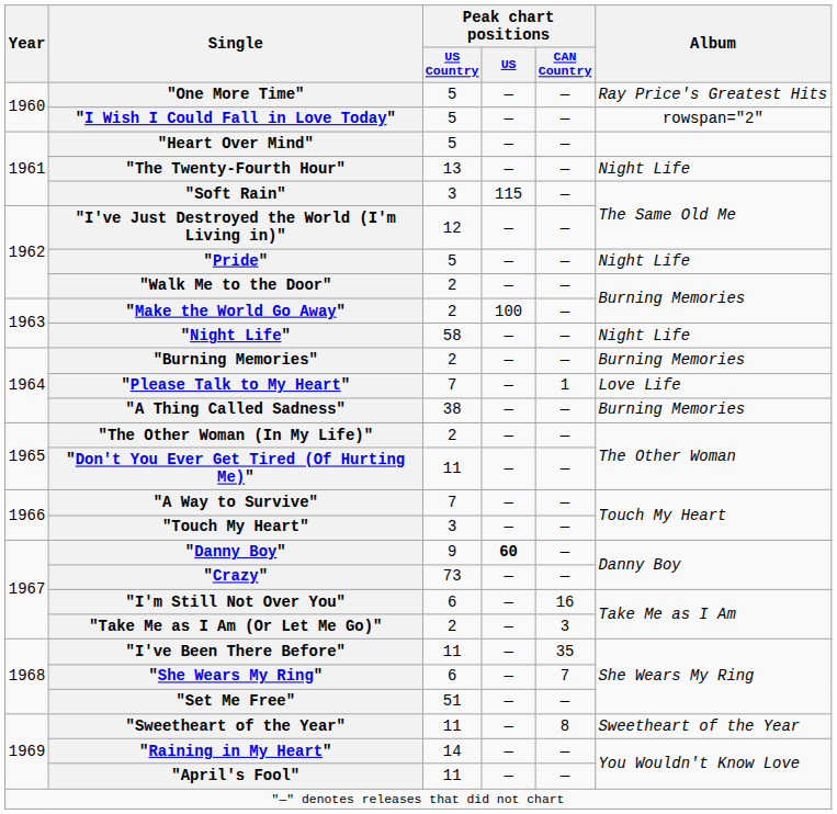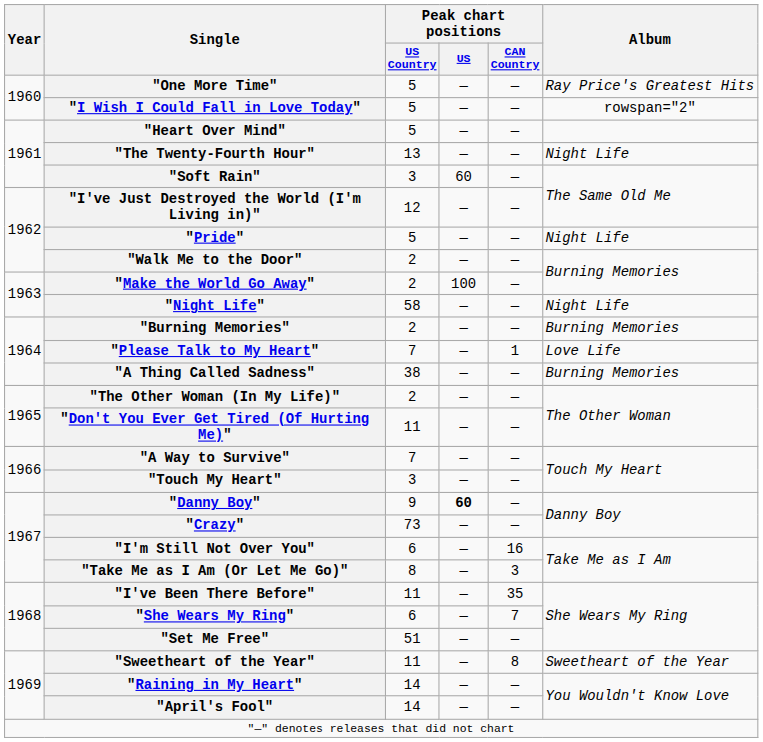 <table class="wikitable plainrowheaders" style="text-align:center;">
 <tr>
 <th rowspan="2">Year</th>
 <th rowspan="2" style="width:24em;">Single</th>
 <th colspan="3">Peak chart positions</th>
 <th rowspan="2">Album</th>
 </tr>
 <tr style="font-size:smaller;">
 <th width="40"><a href='#'>US Country</a><br></th>
 <th width="40"><a href='#'>US</a><br></th>
 <th width="40"><a href='#'>CAN Country</a><br></th>
 </tr>
 <tr>
 <td rowspan="2">1960</td>
 <th scope="row">"One More Time"</th>
 <td>5</td>
 <td>—</td>
 <td>—</td>
 <td align="left"><em>Ray Price's Greatest Hits</em></td>
 </tr>
 <tr>
 <th scope="row">"<a href='#'>I Wish I Could Fall in Love Today</a>"</th>
 <td>5</td>
 <td>—</td>
 <td>—</td>
 <td>rowspan="2" </td>
 </tr>
 <tr>
 <td rowspan="3">1961</td>
 <th scope="row">"Heart Over Mind"</th>
 <td>5</td>
 <td>—</td>
 <td>—</td>
 </tr>
 <tr>
 <th scope="row">"The Twenty-Fourth Hour"</th>
 <td>13</td>
 <td>—</td>
 <td>—</td>
 <td align="left"><em>Night Life</em></td>
 </tr>
 <tr>
 <th scope="row">"Soft Rain"</th>
 <td>3</td>
-<td>115</td>
+<td>60</td>
 <td>—</td>
 <td align="left" rowspan="2"><em>The Same Old Me</em></td>
 </tr>
 <tr>
 <td rowspan="3">1962</td>
 <th scope="row">"I've Just Destroyed the World (I'm Living in)"</th>
 <td>12</td>
 <td>—</td>
 <td>—</td>
 </tr>
 <tr>
 <th scope="row">"<a href='#'>Pride</a>"</th>
 <td>5</td>
 <td>—</td>
 <td>—</td>
 <td align="left"><em>Night Life</em></td>
 </tr>
 <tr>
 <th scope="row">"Walk Me to the Door"</th>
 <td>2</td>
 <td>—</td>
 <td>—</td>
 <td align="left" rowspan="2"><em>Burning Memories</em></td>
 </tr>
 <tr>
 <td rowspan="2">1963</td>
 <th scope="row">"<a href='#'>Make the World Go Away</a>"</th>
 <td>2</td>
 <td>100</td>
 <td>—</td>
 </tr>
 <tr>
 <th scope="row">"<a href='#'>Night Life</a>"</th>
 <td>58</td>
 <td>—</td>
 <td>—</td>
 <td align="left"><em>Night Life</em></td>
 </tr>
 <tr>
 <td rowspan="3">1964</td>
 <th scope="row">"Burning Memories"</th>
 <td>2</td>
 <td>—</td>
 <td>—</td>
 <td align="left"><em>Burning Memories</em></td>
 </tr>
 <tr>
 <th scope="row">"<a href='#'>Please Talk to My Heart</a>"</th>
 <td>7</td>
 <td>—</td>
 <td>1</td>
 <td align="left"><em>Love Life</em></td>
 </tr>
 <tr>
 <th scope="row">"A Thing Called Sadness"</th>
 <td>38</td>
 <td>—</td>
 <td>—</td>
 <td align="left"><em>Burning Memories</em></td>
 </tr>
 <tr>
 <td rowspan="2">1965</td>
 <th scope="row">"The Other Woman (In My Life)"</th>
 <td>2</td>
 <td>—</td>
 <td>—</td>
 <td align="left" rowspan="2"><em>The Other Woman</em></td>
 </tr>
 <tr>
 <th scope="row">"<a href='#'>Don't You Ever Get Tired (Of Hurting Me)</a>"</th>
 <td>11</td>
 <td>—</td>
 <td>—</td>
 </tr>
 <tr>
 <td rowspan="2">1966</td>
 <th scope="row">"A Way to Survive"</th>
 <td>7</td>
 <td>—</td>
 <td>—</td>
 <td align="left" rowspan="2"><em>Touch My Heart</em></td>
 </tr>
 <tr>
 <th scope="row">"Touch My Heart"</th>
 <td>3</td>
 <td>—</td>
 <td>—</td>
 </tr>
 <tr>
 <td rowspan="4">1967</td>
 <th scope="row">"<a href='#'>Danny Boy</a>"</th>
 <td>9</td>
 <td><strong>60</strong></td>
 <td>—</td>
 <td align="left" rowspan="2"><em>Danny Boy</em></td>
 </tr>
 <tr>
 <th scope="row">"<a href='#'>Crazy</a>"</th>
 <td>73</td>
 <td>—</td>
 <td>—</td>
 </tr>
 <tr>
 <th scope="row">"I'm Still Not Over You"</th>
 <td>6</td>
 <td>—</td>
 <td>16</td>
 <td align="left" rowspan="2"><em>Take Me as I Am</em></td>
 </tr>
 <tr>
 <th scope="row">"Take Me as I Am (Or Let Me Go)"</th>
-<td>2</td>
+<td>8</td>
 <td>—</td>
 <td>3</td>
 </tr>
 <tr>
 <td rowspan="3">1968</td>
 <th scope="row">"I've Been There Before"</th>
 <td>11</td>
 <td>—</td>
 <td>35</td>
 <td align="left" rowspan="3"><em>She Wears My Ring</em></td>
 </tr>
 <tr>
 <th scope="row">"<a href='#'>She Wears My Ring</a>"</th>
 <td>6</td>
 <td>—</td>
 <td>7</td>
 </tr>
 <tr>
 <th scope="row">"Set Me Free"</th>
 <td>51</td>
 <td>—</td>
 <td>—</td>
 </tr>
 <tr>
 <td rowspan="3">1969</td>
 <th scope="row">"Sweetheart of the Year"</th>
 <td>11</td>
 <td>—</td>
 <td>8</td>
 <td align="left"><em>Sweetheart of the Year</em></td>
 </tr>
 <tr>
 <th scope="row">"<a href='#'>Raining in My Heart</a>"</th>
 <td>14</td>
 <td>—</td>
 <td>—</td>
 <td align="left" rowspan="2"><em>You Wouldn't Know Love</em></td>
 </tr>
 <tr>
 <th scope="row">"April's Fool"</th>
-<td>11</td>
+<td>14</td>
 <td>—</td>
 <td>—</td>
 </tr>
 <tr>
 <td colspan="6" style="font-size: 8pt">"—" denotes releases that did not chart</td>
 </tr>
 </table>
